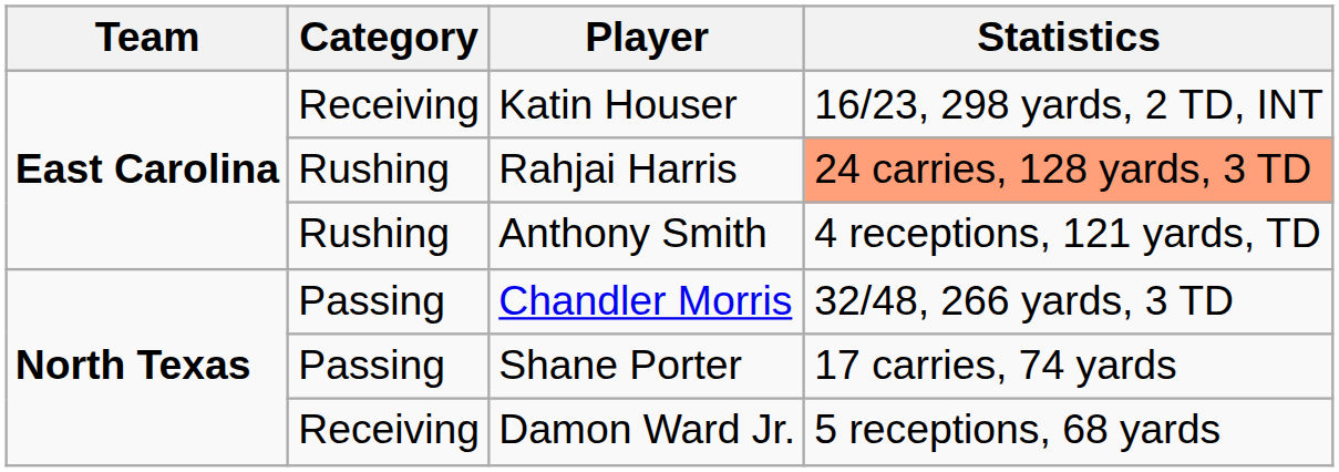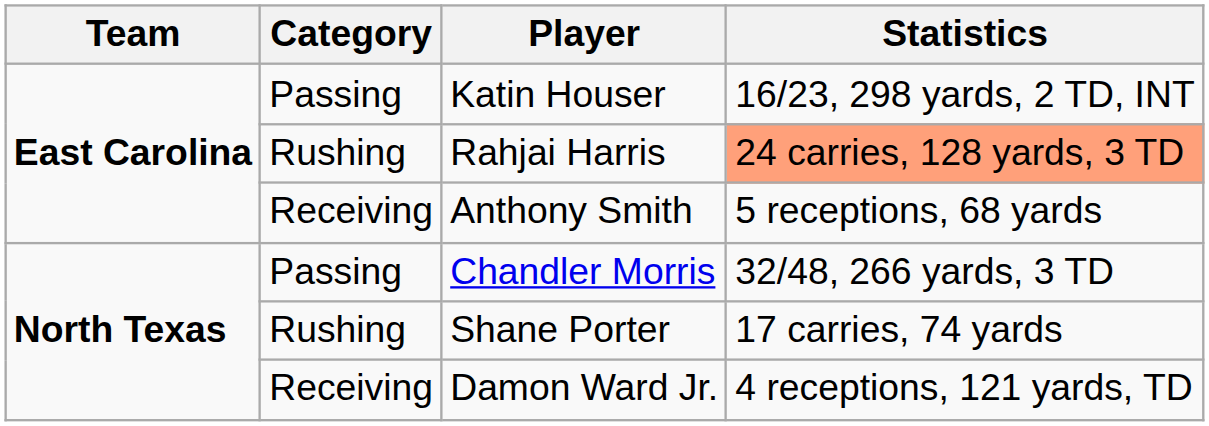 <table class="wikitable" style="float: right;">
 <tr>
 <th>Team</th>
 <th>Category</th>
 <th>Player</th>
 <th>Statistics</th>
 </tr>
 <tr>
 <td rowspan=3><strong>East Carolina</strong></td>
-<td>Receiving</td>
+<td>Passing</td>
 <td>Katin Houser</td>
 <td>16/23, 298 yards, 2 TD, INT</td>
 </tr>
 <tr>
 <td>Rushing</td>
 <td>Rahjai Harris</td>
 <td style="background: lightsalmon;">24 carries, 128 yards, 3 TD</td>
 </tr>
 <tr>
-<td>Rushing</td>
+<td>Receiving</td>
 <td>Anthony Smith</td>
-<td>4 receptions, 121 yards, TD</td>
+<td>5 receptions, 68 yards</td>
 </tr>
 <tr>
 <td rowspan=3><strong>North Texas</strong></td>
 <td>Passing</td>
 <td><a href='#'>Chandler Morris</a></td>
 <td>32/48, 266 yards, 3 TD</td>
 </tr>
 <tr>
-<td>Passing</td>
+<td>Rushing</td>
 <td>Shane Porter</td>
 <td>17 carries, 74 yards</td>
 </tr>
 <tr>
 <td>Receiving</td>
 <td>Damon Ward Jr.</td>
-<td>5 receptions, 68 yards</td>
+<td>4 receptions, 121 yards, TD</td>
 </tr>
 </table>
